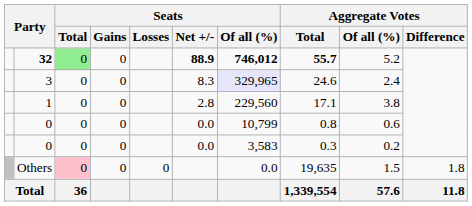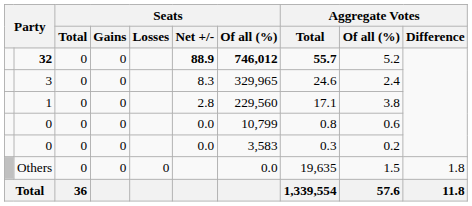 <table class="wikitable sortable" style="text-align:right; font-size:95%;">
 <tr>
 <th colspan="2" rowspan="2">Party</th>
 <th colspan="5">Seats</th>
 <th colspan="3">Aggregate Votes</th>
 </tr>
 <tr>
 <th>Total</th>
 <th>Gains</th>
 <th>Losses</th>
 <th>Net +/-</th>
 <th>Of all (%)</th>
 <th>Total</th>
 <th>Of all (%)</th>
 <th>Difference</th>
 </tr>
 <tr>
 <td></td>
 <td><strong>32</strong></td>
-<td style="background: lightgreen;">0</td>
+<td>0</td>
 <td>0</td>
 <td></td>
 <td><strong>88.9</strong></td>
 <td><strong>746,012</strong></td>
 <td><strong>55.7</strong></td>
 <td>5.2</td>
 </tr>
 <tr>
 <td></td>
 <td>3</td>
 <td>0</td>
 <td>0</td>
 <td></td>
 <td>8.3</td>
-<td style="background: lavender;">329,965</td>
+<td>329,965</td>
 <td>24.6</td>
 <td>2.4</td>
 </tr>
 <tr>
 <td></td>
 <td>1</td>
 <td>0</td>
 <td>0</td>
 <td></td>
 <td>2.8</td>
 <td>229,560</td>
 <td>17.1</td>
 <td>3.8</td>
 </tr>
 <tr>
 <td></td>
 <td>0</td>
 <td>0</td>
 <td>0</td>
 <td></td>
 <td>0.0</td>
 <td>10,799</td>
 <td>0.8</td>
 <td>0.6</td>
 </tr>
 <tr>
 <td></td>
 <td>0</td>
 <td>0</td>
 <td>0</td>
 <td></td>
 <td>0.0</td>
 <td>3,583</td>
 <td>0.3</td>
 <td>0.2</td>
 </tr>
 <tr>
 <td style="background:silver;"> </td>
 <td align=left>Others</td>
-<td style="background: pink;">0</td>
+<td>0</td>
 <td>0</td>
 <td>0</td>
 <td></td>
 <td>0.0</td>
 <td>19,635</td>
 <td>1.5</td>
 <td>1.8</td>
 </tr>
 <tr class="sortbottom">
 <th colspan="2" style="background:#f2f2f2"><strong>Total</strong></th>
 <td style="background:#f2f2f2;"><strong>36</strong></td>
 <td style="background:#f2f2f2;"></td>
 <td style="background:#f2f2f2;"></td>
 <td style="background:#f2f2f2;"></td>
 <td style="background:#f2f2f2;"></td>
 <td style="background:#f2f2f2;"><strong>1,339,554</strong></td>
 <td style="background:#f2f2f2;"><strong>57.6</strong></td>
 <td style="background:#f2f2f2;"><strong>11.8</strong></td>
 </tr>
 </table>
